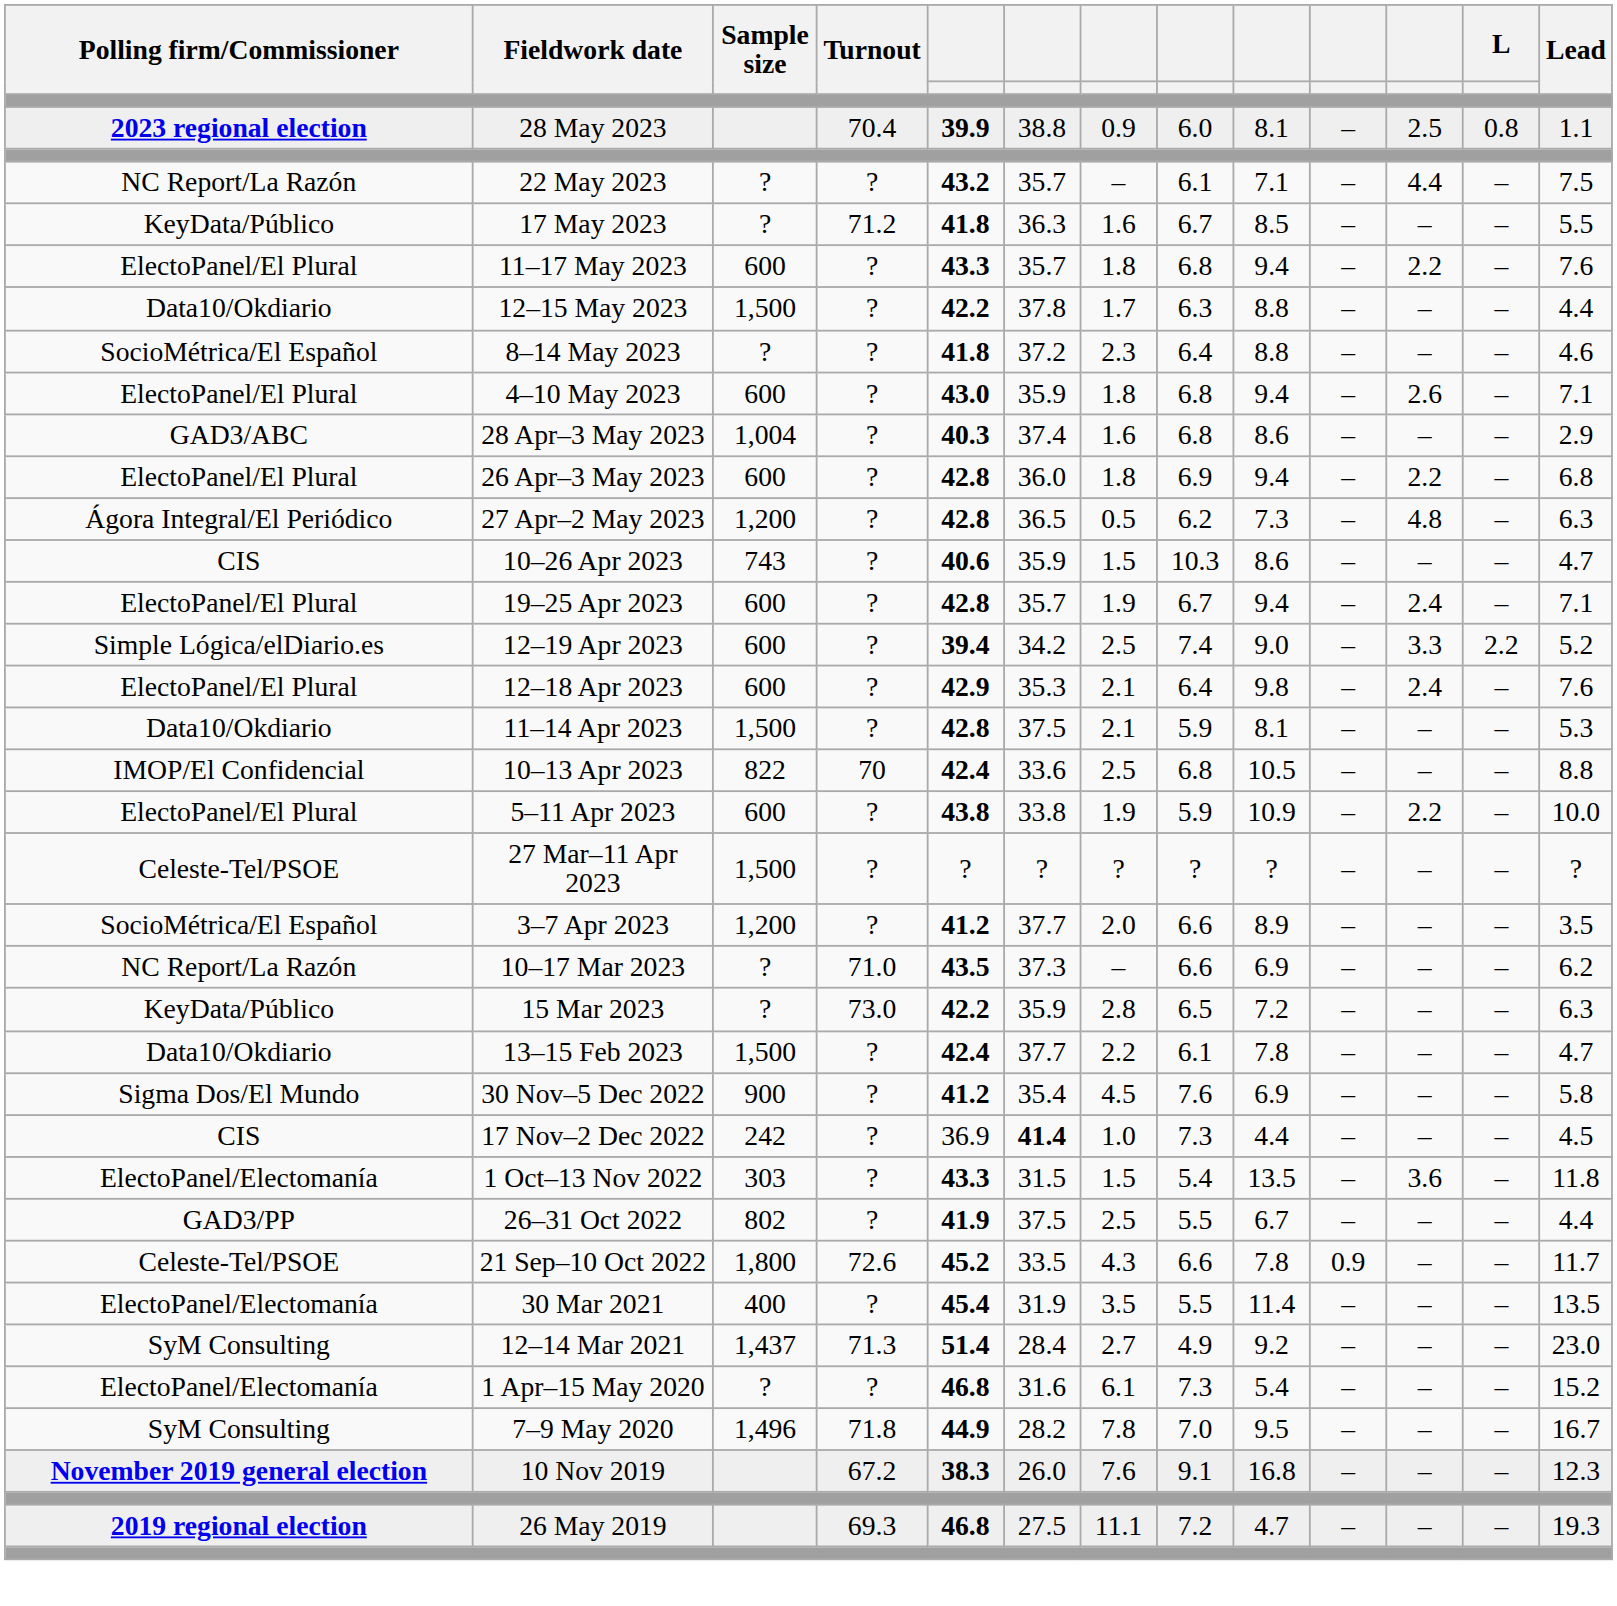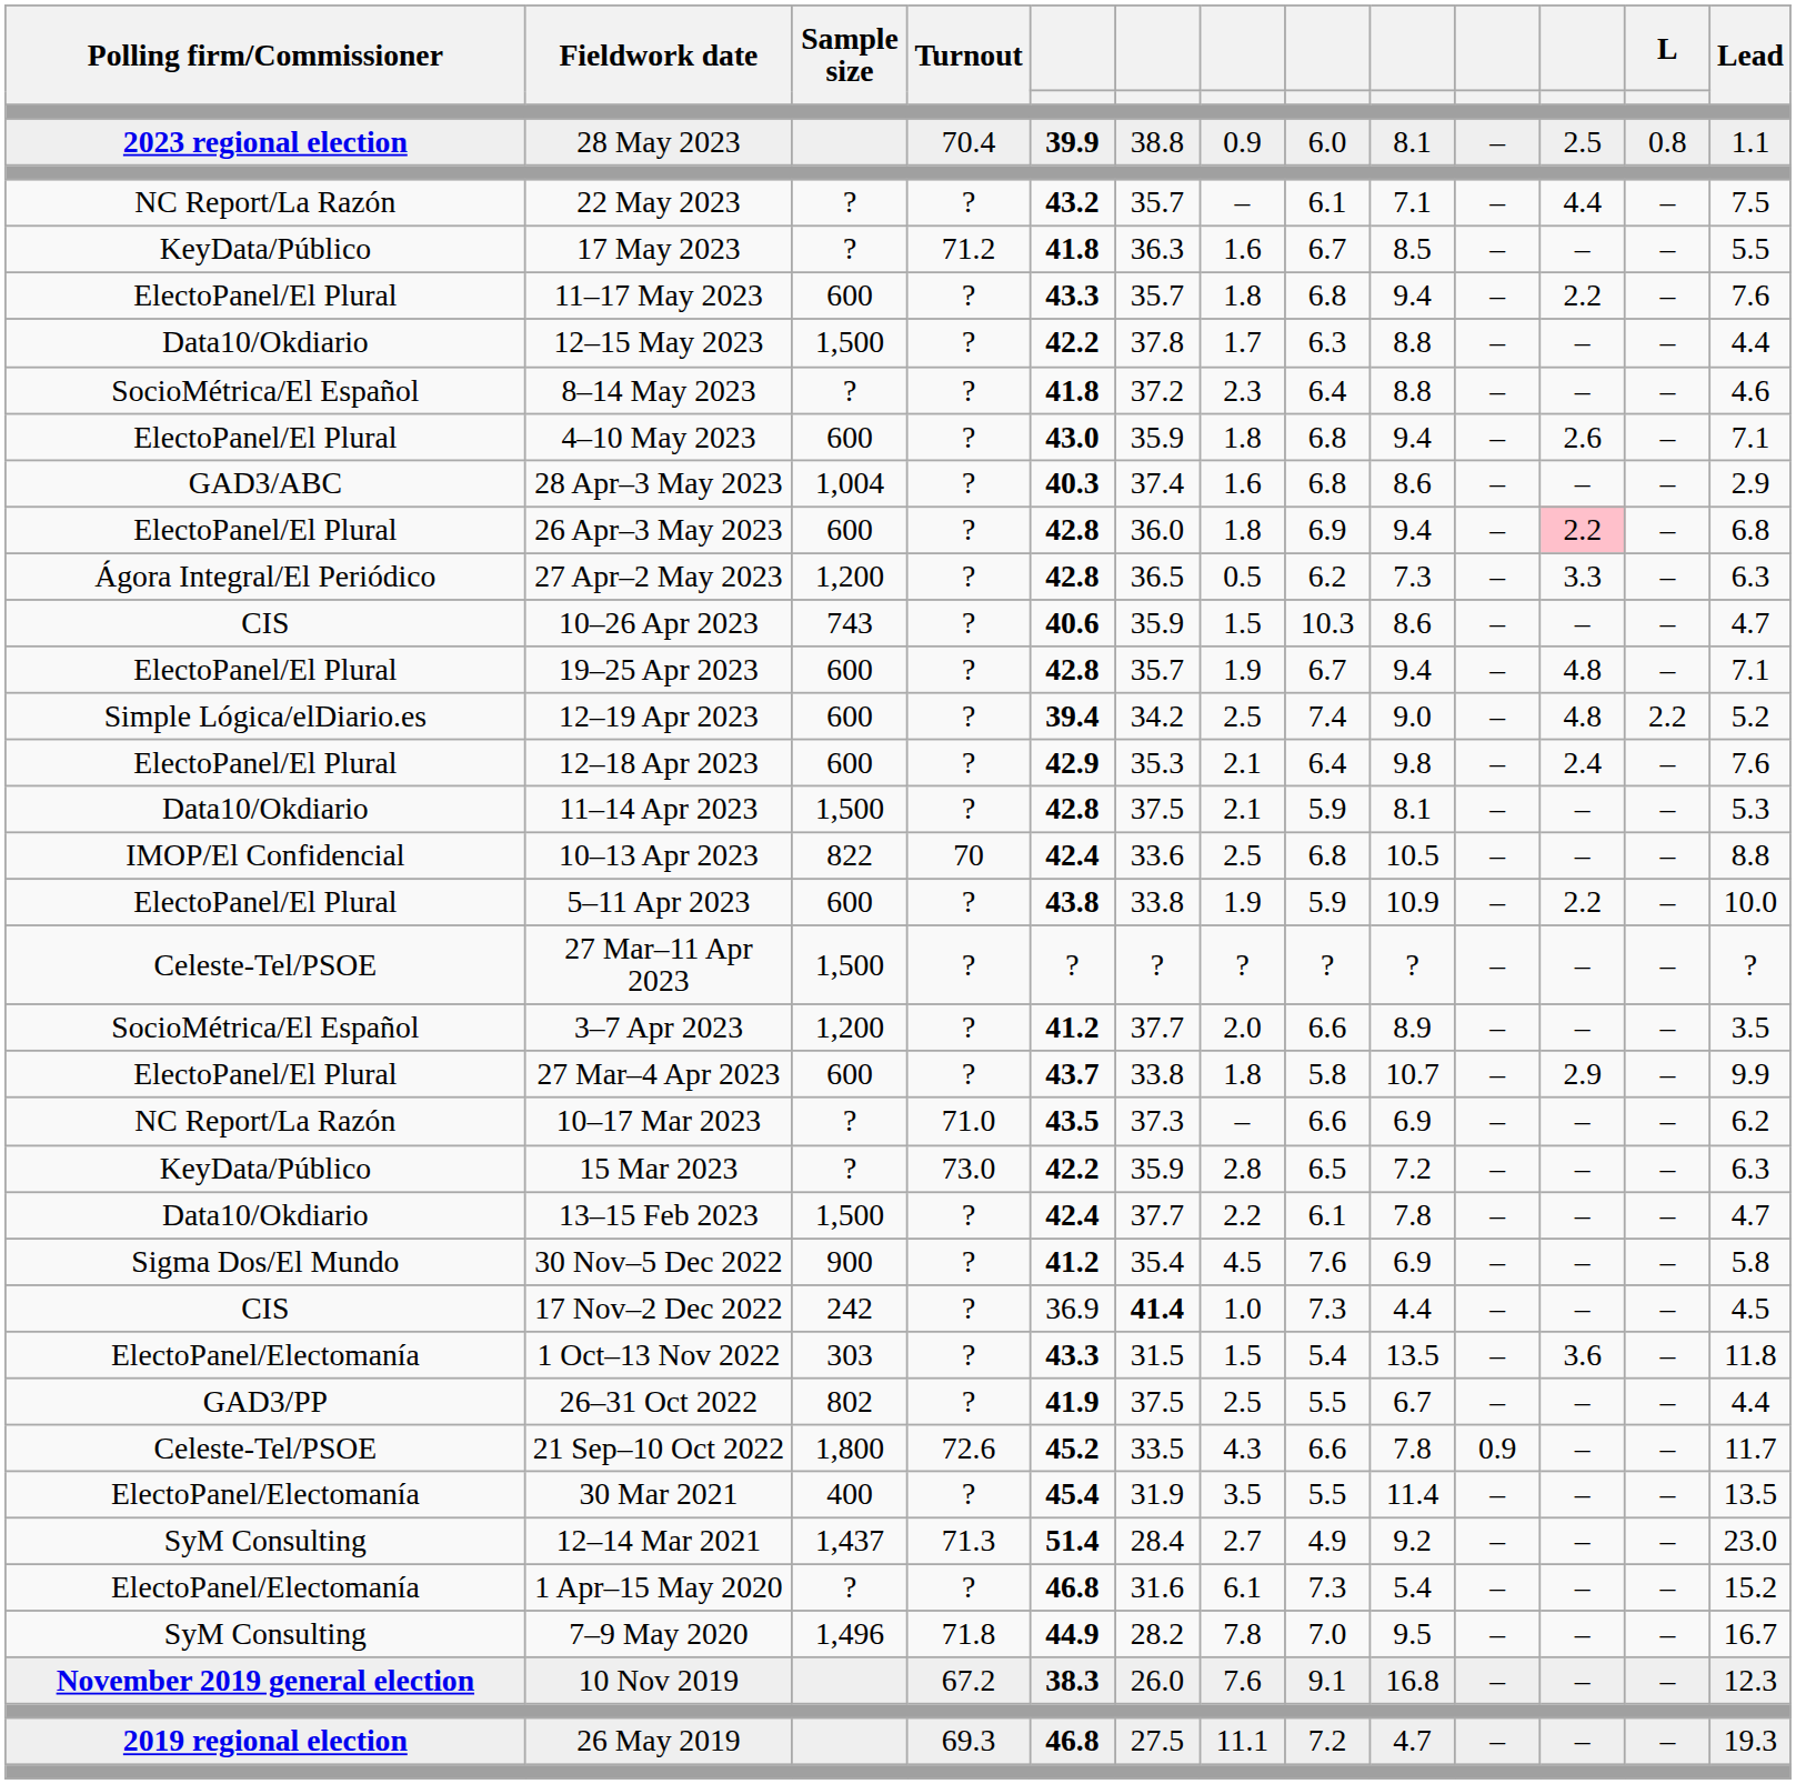 <table class="wikitable collapsible collapsed" style="text-align:center; font-size:95%; line-height:16px;">
 <tr style="height:42px;">
 <th style="width:250px;" rowspan="2">Polling firm/Commissioner</th>
 <th style="width:125px;" rowspan="2">Fieldwork date</th>
 <th style="width:50px;" rowspan="2">Sample size</th>
 <th style="width:45px;" rowspan="2">Turnout</th>
 <th style="width:35px;"></th>
 <th style="width:35px;"></th>
 <th style="width:35px;"></th>
 <th style="width:35px;"></th>
 <th style="width:35px;"></th>
 <th style="width:35px;"></th>
 <th style="width:35px;"></th>
 <th style="width:35px;">L</th>
 <th style="width:30px;" rowspan="2">Lead</th>
 </tr>
 <tr>
 <th style="color:inherit;background:"></th>
 <th style="color:inherit;background:"></th>
 <th style="color:inherit;background:"></th>
 <th style="color:inherit;background:"></th>
 <th style="color:inherit;background:"></th>
 <th style="color:inherit;background:"></th>
 <th style="color:inherit;background:"></th>
 <th style="color:inherit;background:"></th>
 </tr>
 <tr>
 <td colspan="13" style="background:#A0A0A0"></td>
 </tr>
 <tr style="background:#EFEFEF;">
 <td><strong><a href='#'>2023 regional election</a></strong></td>
 <td>28 May 2023</td>
 <td></td>
 <td>70.4</td>
 <td><strong>39.9</strong><br></td>
 <td>38.8<br></td>
 <td>0.9<br></td>
 <td>6.0<br></td>
 <td>8.1<br></td>
 <td>–</td>
 <td>2.5<br></td>
 <td>0.8<br></td>
 <td style="background:">1.1</td>
 </tr>
 <tr>
 <td colspan="13" style="background:#A0A0A0"></td>
 </tr>
 <tr>
 <td>NC Report/La Razón</td>
 <td>22 May 2023</td>
 <td>?</td>
 <td>?</td>
 <td><strong>43.2</strong><br></td>
 <td>35.7<br></td>
 <td>–</td>
 <td>6.1<br></td>
 <td>7.1<br></td>
 <td>–</td>
 <td>4.4<br></td>
 <td>–</td>
 <td style="background:">7.5</td>
 </tr>
 <tr>
 <td>KeyData/Público</td>
 <td>17 May 2023</td>
 <td>?</td>
 <td>71.2</td>
 <td><strong>41.8</strong><br></td>
 <td>36.3<br></td>
 <td>1.6<br></td>
 <td>6.7<br></td>
 <td>8.5<br></td>
 <td>–</td>
 <td>–</td>
 <td>–</td>
 <td style="background:">5.5</td>
 </tr>
 <tr>
 <td>ElectoPanel/El Plural</td>
 <td>11–17 May 2023</td>
 <td>600</td>
 <td>?</td>
 <td><strong>43.3</strong><br></td>
 <td>35.7<br></td>
 <td>1.8<br></td>
 <td>6.8<br></td>
 <td>9.4<br></td>
 <td>–</td>
 <td>2.2<br></td>
 <td>–</td>
 <td style="background:">7.6</td>
 </tr>
 <tr>
 <td>Data10/Okdiario</td>
 <td>12–15 May 2023</td>
 <td>1,500</td>
 <td>?</td>
 <td><strong>42.2</strong><br></td>
 <td>37.8<br></td>
 <td>1.7<br></td>
 <td>6.3<br></td>
 <td>8.8<br></td>
 <td>–</td>
 <td>–</td>
 <td>–</td>
 <td style="background:">4.4</td>
 </tr>
 <tr>
 <td>SocioMétrica/El Español</td>
 <td>8–14 May 2023</td>
 <td>?</td>
 <td>?</td>
 <td><strong>41.8</strong><br></td>
 <td>37.2<br></td>
 <td>2.3<br></td>
 <td>6.4<br></td>
 <td>8.8<br></td>
 <td>–</td>
 <td>–</td>
 <td>–</td>
 <td style="background:">4.6</td>
 </tr>
 <tr>
 <td>ElectoPanel/El Plural</td>
 <td>4–10 May 2023</td>
 <td>600</td>
 <td>?</td>
 <td><strong>43.0</strong><br></td>
 <td>35.9<br></td>
 <td>1.8<br></td>
 <td>6.8<br></td>
 <td>9.4<br></td>
 <td>–</td>
 <td>2.6<br></td>
 <td>–</td>
 <td style="background:">7.1</td>
 </tr>
 <tr>
 <td>GAD3/ABC</td>
 <td>28 Apr–3 May 2023</td>
 <td>1,004</td>
 <td>?</td>
 <td><strong>40.3</strong><br></td>
 <td>37.4<br></td>
 <td>1.6<br></td>
 <td>6.8<br></td>
 <td>8.6<br></td>
 <td>–</td>
 <td>–</td>
 <td>–</td>
 <td style="background:">2.9</td>
 </tr>
 <tr>
 <td>ElectoPanel/El Plural</td>
 <td>26 Apr–3 May 2023</td>
 <td>600</td>
 <td>?</td>
 <td><strong>42.8</strong><br></td>
 <td>36.0<br></td>
 <td>1.8<br></td>
 <td>6.9<br></td>
 <td>9.4<br></td>
 <td>–</td>
-<td>2.2<br></td>
+<td style="background: pink;">2.2<br></td>
 <td>–</td>
 <td style="background:">6.8</td>
 </tr>
 <tr>
 <td>Ágora Integral/El Periódico</td>
 <td>27 Apr–2 May 2023</td>
 <td>1,200</td>
 <td>?</td>
 <td><strong>42.8</strong><br></td>
 <td>36.5<br></td>
 <td>0.5<br></td>
 <td>6.2<br></td>
 <td>7.3<br></td>
 <td>–</td>
-<td>4.8<br></td>
+<td>3.3<br></td>
 <td>–</td>
 <td style="background:">6.3</td>
 </tr>
 <tr>
 <td>CIS</td>
 <td>10–26 Apr 2023</td>
 <td>743</td>
 <td>?</td>
 <td><strong>40.6</strong><br></td>
 <td>35.9<br></td>
 <td>1.5<br></td>
 <td>10.3<br></td>
 <td>8.6<br></td>
 <td>–</td>
 <td>–</td>
 <td>–</td>
 <td style="background:">4.7</td>
 </tr>
 <tr>
 <td>ElectoPanel/El Plural</td>
 <td>19–25 Apr 2023</td>
 <td>600</td>
 <td>?</td>
 <td><strong>42.8</strong><br></td>
 <td>35.7<br></td>
 <td>1.9<br></td>
 <td>6.7<br></td>
 <td>9.4<br></td>
 <td>–</td>
-<td>2.4<br></td>
+<td>4.8<br></td>
 <td>–</td>
 <td style="background:">7.1</td>
 </tr>
 <tr>
 <td>Simple Lógica/elDiario.es</td>
 <td>12–19 Apr 2023</td>
 <td>600</td>
 <td>?</td>
 <td><strong>39.4</strong><br></td>
 <td>34.2<br></td>
 <td>2.5<br></td>
 <td>7.4<br></td>
 <td>9.0<br></td>
 <td>–</td>
-<td>3.3<br></td>
+<td>4.8<br></td>
 <td>2.2<br></td>
 <td style="background:">5.2</td>
 </tr>
 <tr>
 <td>ElectoPanel/El Plural</td>
 <td>12–18 Apr 2023</td>
 <td>600</td>
 <td>?</td>
 <td><strong>42.9</strong><br></td>
 <td>35.3<br></td>
 <td>2.1<br></td>
 <td>6.4<br></td>
 <td>9.8<br></td>
 <td>–</td>
 <td>2.4<br></td>
 <td>–</td>
 <td style="background:">7.6</td>
 </tr>
 <tr>
 <td>Data10/Okdiario</td>
 <td>11–14 Apr 2023</td>
 <td>1,500</td>
 <td>?</td>
 <td><strong>42.8</strong><br></td>
 <td>37.5<br></td>
 <td>2.1<br></td>
 <td>5.9<br></td>
 <td>8.1<br></td>
 <td>–</td>
 <td>–</td>
 <td>–</td>
 <td style="background:">5.3</td>
 </tr>
 <tr>
 <td>IMOP/El Confidencial</td>
 <td>10–13 Apr 2023</td>
 <td>822</td>
 <td>70</td>
 <td><strong>42.4</strong><br></td>
 <td>33.6<br></td>
 <td>2.5<br></td>
 <td>6.8<br></td>
 <td>10.5<br></td>
 <td>–</td>
 <td>–</td>
 <td>–</td>
 <td style="background:">8.8</td>
 </tr>
 <tr>
 <td>ElectoPanel/El Plural</td>
 <td>5–11 Apr 2023</td>
 <td>600</td>
 <td>?</td>
 <td><strong>43.8</strong><br></td>
 <td>33.8<br></td>
 <td>1.9<br></td>
 <td>5.9<br></td>
 <td>10.9<br></td>
 <td>–</td>
 <td>2.2<br></td>
 <td>–</td>
 <td style="background:">10.0</td>
 </tr>
 <tr>
 <td>Celeste-Tel/PSOE</td>
 <td>27 Mar–11 Apr 2023</td>
 <td>1,500</td>
 <td>?</td>
 <td>?<br></td>
 <td>?<br></td>
 <td>?<br></td>
 <td>?<br></td>
 <td>?<br></td>
 <td>–</td>
 <td>–</td>
 <td>–</td>
 <td style="background:">?</td>
 </tr>
 <tr>
 <td>SocioMétrica/El Español</td>
 <td>3–7 Apr 2023</td>
 <td>1,200</td>
 <td>?</td>
 <td><strong>41.2</strong><br></td>
 <td>37.7<br></td>
 <td>2.0<br></td>
 <td>6.6<br></td>
 <td>8.9<br></td>
 <td>–</td>
 <td>–</td>
 <td>–</td>
 <td style="background:">3.5</td>
+</tr>
+<tr>
+<td>ElectoPanel/El Plural</td>
+<td>27 Mar–4 Apr 2023</td>
+<td>600</td>
+<td>?</td>
+<td><strong>43.7</strong><br></td>
+<td>33.8<br></td>
+<td>1.8<br></td>
+<td>5.8<br></td>
+<td>10.7<br></td>
+<td>–</td>
+<td>2.9<br></td>
+<td>–</td>
+<td style="background:">9.9</td>
 </tr>
 <tr>
 <td>NC Report/La Razón</td>
 <td>10–17 Mar 2023</td>
 <td>?</td>
 <td>71.0</td>
 <td><strong>43.5</strong><br></td>
 <td>37.3<br></td>
 <td>–</td>
 <td>6.6<br></td>
 <td>6.9<br></td>
 <td>–</td>
 <td>–</td>
 <td>–</td>
 <td style="background:">6.2</td>
 </tr>
 <tr>
 <td>KeyData/Público</td>
 <td>15 Mar 2023</td>
 <td>?</td>
 <td>73.0</td>
 <td><strong>42.2</strong><br></td>
 <td>35.9<br></td>
 <td>2.8<br></td>
 <td>6.5<br></td>
 <td>7.2<br></td>
 <td>–</td>
 <td>–</td>
 <td>–</td>
 <td style="background:">6.3</td>
 </tr>
 <tr>
 <td>Data10/Okdiario</td>
 <td>13–15 Feb 2023</td>
 <td>1,500</td>
 <td>?</td>
 <td><strong>42.4</strong><br></td>
 <td>37.7<br></td>
 <td>2.2<br></td>
 <td>6.1<br></td>
 <td>7.8<br></td>
 <td>–</td>
 <td>–</td>
 <td>–</td>
 <td style="background:">4.7</td>
 </tr>
 <tr>
 <td>Sigma Dos/El Mundo</td>
 <td>30 Nov–5 Dec 2022</td>
 <td>900</td>
 <td>?</td>
 <td><strong>41.2</strong><br></td>
 <td>35.4<br></td>
 <td>4.5<br></td>
 <td>7.6<br></td>
 <td>6.9<br></td>
 <td>–</td>
 <td>–</td>
 <td>–</td>
 <td style="background:">5.8</td>
 </tr>
 <tr>
 <td>CIS</td>
 <td>17 Nov–2 Dec 2022</td>
 <td>242</td>
 <td>?</td>
 <td>36.9<br></td>
 <td><strong>41.4</strong><br></td>
 <td>1.0<br></td>
 <td>7.3<br></td>
 <td>4.4<br></td>
 <td>–</td>
 <td>–</td>
 <td>–</td>
 <td style="background:">4.5</td>
 </tr>
 <tr>
 <td>ElectoPanel/Electomanía</td>
 <td>1 Oct–13 Nov 2022</td>
 <td>303</td>
 <td>?</td>
 <td><strong>43.3</strong><br></td>
 <td>31.5<br></td>
 <td>1.5<br></td>
 <td>5.4<br></td>
 <td>13.5<br></td>
 <td>–</td>
 <td>3.6<br></td>
 <td>–</td>
 <td style="background:">11.8</td>
 </tr>
 <tr>
 <td>GAD3/PP</td>
 <td>26–31 Oct 2022</td>
 <td>802</td>
 <td>?</td>
 <td><strong>41.9</strong><br></td>
 <td>37.5<br></td>
 <td>2.5<br></td>
 <td>5.5<br></td>
 <td>6.7<br></td>
 <td>–</td>
 <td>–</td>
 <td>–</td>
 <td style="background:">4.4</td>
 </tr>
 <tr>
 <td>Celeste-Tel/PSOE</td>
 <td>21 Sep–10 Oct 2022</td>
 <td>1,800</td>
 <td>72.6</td>
 <td><strong>45.2</strong><br></td>
 <td>33.5<br></td>
 <td>4.3<br></td>
 <td>6.6<br></td>
 <td>7.8<br></td>
 <td>0.9<br></td>
 <td>–</td>
 <td>–</td>
 <td style="background:">11.7</td>
 </tr>
 <tr>
 <td>ElectoPanel/Electomanía</td>
 <td>30 Mar 2021</td>
 <td>400</td>
 <td>?</td>
 <td><strong>45.4</strong><br></td>
 <td>31.9<br></td>
 <td>3.5<br></td>
 <td>5.5<br></td>
 <td>11.4<br></td>
 <td>–</td>
 <td>–</td>
 <td>–</td>
 <td style="background:">13.5</td>
 </tr>
 <tr>
 <td>SyM Consulting</td>
 <td>12–14 Mar 2021</td>
 <td>1,437</td>
 <td>71.3</td>
 <td><strong>51.4</strong><br></td>
 <td>28.4<br></td>
 <td>2.7<br></td>
 <td>4.9<br></td>
 <td>9.2<br></td>
 <td>–</td>
 <td>–</td>
 <td>–</td>
 <td style="background:">23.0</td>
 </tr>
 <tr>
 <td>ElectoPanel/Electomanía</td>
 <td>1 Apr–15 May 2020</td>
 <td>?</td>
 <td>?</td>
 <td><strong>46.8</strong><br></td>
 <td>31.6<br></td>
 <td>6.1<br></td>
 <td>7.3<br></td>
 <td>5.4<br></td>
 <td>–</td>
 <td>–</td>
 <td>–</td>
 <td style="background:">15.2</td>
 </tr>
 <tr>
 <td>SyM Consulting</td>
 <td>7–9 May 2020</td>
 <td>1,496</td>
 <td>71.8</td>
 <td><strong>44.9</strong><br></td>
 <td>28.2<br></td>
 <td>7.8<br></td>
 <td>7.0<br></td>
 <td>9.5<br></td>
 <td>–</td>
 <td>–</td>
 <td>–</td>
 <td style="background:">16.7</td>
 </tr>
 <tr style="background:#EFEFEF;">
 <td><strong><a href='#'>November 2019 general election</a></strong></td>
 <td>10 Nov 2019</td>
 <td></td>
 <td>67.2</td>
 <td><strong>38.3</strong><br></td>
 <td>26.0<br></td>
 <td>7.6<br></td>
 <td>9.1<br></td>
 <td>16.8<br></td>
 <td>–</td>
 <td>–</td>
 <td>–</td>
 <td style="background:">12.3</td>
 </tr>
 <tr>
 <td colspan="13" style="background:#A0A0A0"></td>
 </tr>
 <tr style="background:#EFEFEF;">
 <td><strong><a href='#'>2019 regional election</a></strong></td>
 <td>26 May 2019</td>
 <td></td>
 <td>69.3</td>
 <td><strong>46.8</strong><br></td>
 <td>27.5<br></td>
 <td>11.1<br></td>
 <td>7.2<br></td>
 <td>4.7<br></td>
 <td>–</td>
 <td>–</td>
 <td>–</td>
 <td style="background:">19.3</td>
 </tr>
 <tr>
 <td colspan="13" style="background:#A0A0A0"></td>
 </tr>
 </table>
